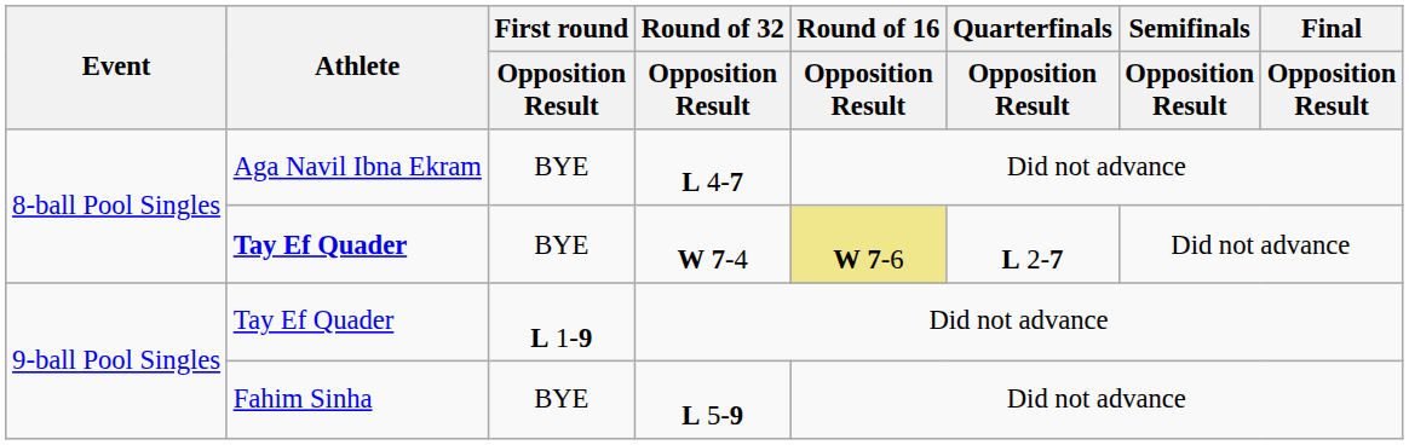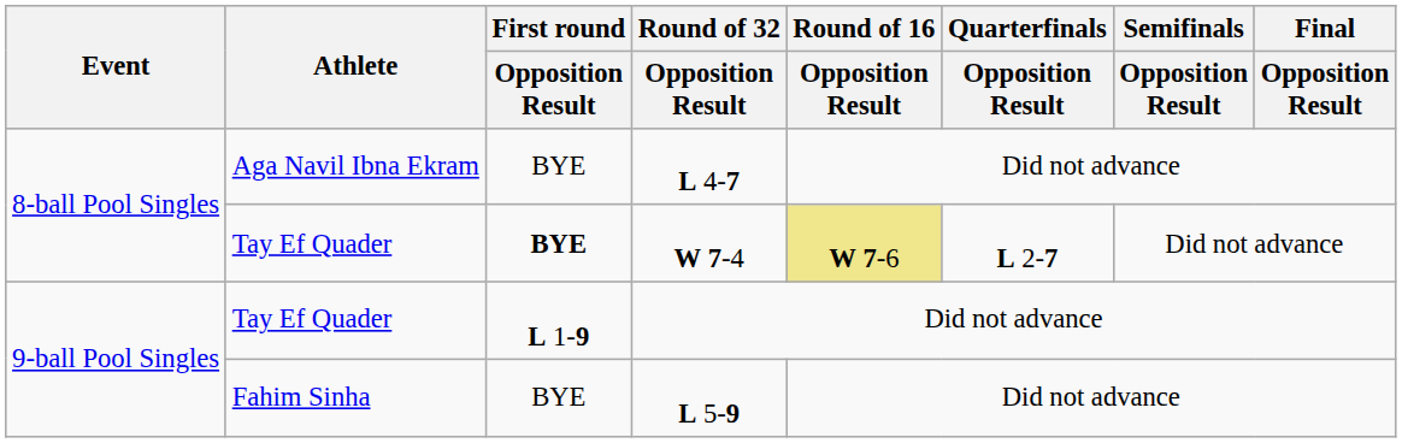 <table class="wikitable" style="font-size:90%">
 <tr>
 <th rowspan="2">Event</th>
 <th rowspan="2">Athlete</th>
 <th>First round</th>
 <th>Round of 32</th>
 <th>Round of 16</th>
 <th>Quarterfinals</th>
 <th>Semifinals</th>
 <th>Final</th>
 </tr>
 <tr>
 <th>Opposition<br>Result</th>
 <th>Opposition<br>Result</th>
 <th>Opposition<br>Result</th>
 <th>Opposition<br>Result</th>
 <th>Opposition<br>Result</th>
 <th>Opposition<br>Result</th>
 </tr>
 <tr>
 <td rowspan=2><a href='#'>8-ball Pool Singles</a></td>
 <td><a href='#'>Aga Navil Ibna Ekram</a></td>
 <td align=center>BYE</td>
 <td align=center><br><strong>L</strong> 4-<strong>7</strong></td>
 <td align=center colspan="7">Did not advance</td>
 </tr>
 <tr>
-<td><strong><a href='#'>Tay Ef Quader</a></strong></td>
-<td align=center>BYE</td>
+<td><a href='#'>Tay Ef Quader</a></td>
+<td align=center><strong>BYE</strong></td>
 <td align=center><br><strong>W</strong> <strong>7</strong>-4</td>
 <td align=center style="background: khaki;"><br><strong>W</strong> <strong>7</strong>-6</td>
 <td align=center><br><strong>L</strong> 2-<strong>7</strong></td>
 <td align=center colspan="7">Did not advance</td>
 </tr>
 <tr>
 <td rowspan=2><a href='#'>9-ball Pool Singles</a></td>
 <td><a href='#'>Tay Ef Quader</a></td>
 <td align=center><br><strong>L</strong> 1-<strong>9</strong></td>
 <td align=center colspan="7">Did not advance</td>
 </tr>
 <tr>
 <td><a href='#'>Fahim Sinha</a></td>
 <td align=center>BYE</td>
 <td align=center><br><strong>L</strong> 5-<strong>9</strong></td>
 <td align=center colspan="7">Did not advance</td>
 </tr>
 </table>
